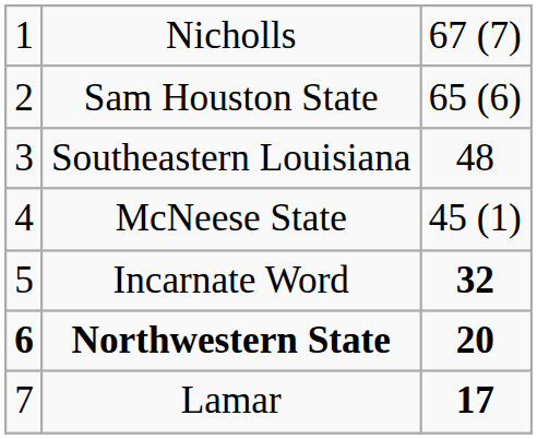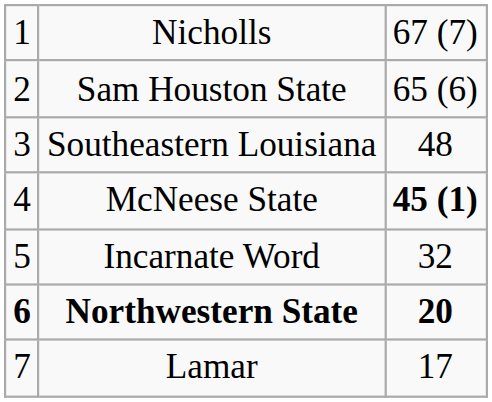 <table class="wikitable">
 <tr align="center">
 <td>1</td>
 <td>Nicholls</td>
 <td>67 (7)</td>
 </tr>
 <tr align="center">
 <td>2</td>
 <td>Sam Houston State</td>
 <td>65 (6)</td>
 </tr>
 <tr align="center">
 <td>3</td>
 <td>Southeastern Louisiana</td>
 <td>48</td>
 </tr>
 <tr align="center">
 <td>4</td>
 <td>McNeese State</td>
-<td>45 (1)</td>
+<td><strong>45 (1)</strong></td>
 </tr>
 <tr align="center">
 <td>5</td>
 <td>Incarnate Word</td>
-<td><strong>32</strong></td>
+<td>32</td>
 </tr>
 <tr align="center">
 <td><strong>6</strong></td>
 <td><strong>Northwestern State</strong></td>
 <td><strong>20</strong></td>
 </tr>
 <tr align="center">
 <td>7</td>
 <td>Lamar</td>
-<td><strong>17</strong></td>
+<td>17</td>
 </tr>
 </table>
